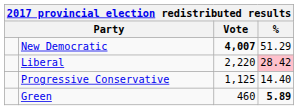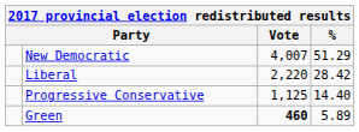 <table class="wikitable">
 <tr>
 <th colspan="4"><a href='#'>2017 provincial election</a> redistributed results</th>
 </tr>
 <tr>
 <th bgcolor="#DDDDFF" width="130px" colspan="2">Party</th>
 <th bgcolor="#DDDDFF" width="50px">Vote</th>
 <th bgcolor="#DDDDFF" width="30px">%</th>
 </tr>
 <tr>
 <td> </td>
 <td><a href='#'>New Democratic</a></td>
-<td align=right><strong>4,007</strong></td>
+<td align=right>4,007</td>
 <td align=right>51.29</td>
 </tr>
 <tr>
 <td> </td>
 <td><a href='#'>Liberal</a></td>
 <td align=right>2,220</td>
-<td align=right style="background: pink;">28.42</td>
+<td align=right>28.42</td>
 </tr>
 <tr>
 <td> </td>
 <td><a href='#'>Progressive Conservative</a></td>
 <td align=right>1,125</td>
 <td align=right>14.40</td>
 </tr>
 <tr>
 <td> </td>
 <td><a href='#'>Green</a></td>
-<td align=right>460</td>
-<td align=right><strong>5.89</strong></td>
+<td align=right><strong>460</strong></td>
+<td align=right>5.89</td>
 </tr>
 </table>
